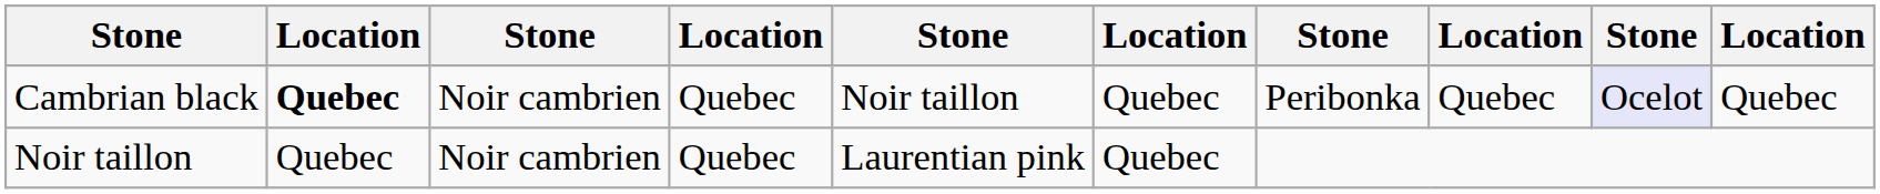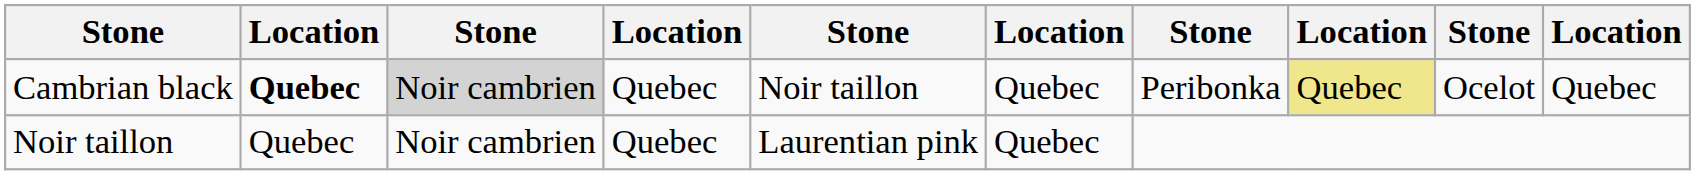 <table class="wikitable">
 <tr>
 <th>Stone</th>
 <th>Location</th>
 <th>Stone</th>
 <th>Location</th>
 <th>Stone</th>
 <th>Location</th>
 <th>Stone</th>
 <th>Location</th>
 <th>Stone</th>
 <th>Location</th>
 </tr>
 <tr>
 <td>Cambrian black</td>
 <td><strong>Quebec</strong></td>
-<td>Noir cambrien</td>
+<td style="background: lightgrey;">Noir cambrien</td>
 <td>Quebec</td>
 <td>Noir taillon</td>
 <td>Quebec</td>
 <td>Peribonka</td>
-<td>Quebec</td>
-<td style="background: lavender;">Ocelot</td>
+<td style="background: khaki;">Quebec</td>
+<td>Ocelot</td>
 <td>Quebec</td>
 </tr>
 <tr>
 <td>Noir taillon</td>
 <td>Quebec</td>
 <td>Noir cambrien</td>
 <td>Quebec</td>
 <td>Laurentian pink</td>
 <td>Quebec</td>
 </tr>
 </table>
